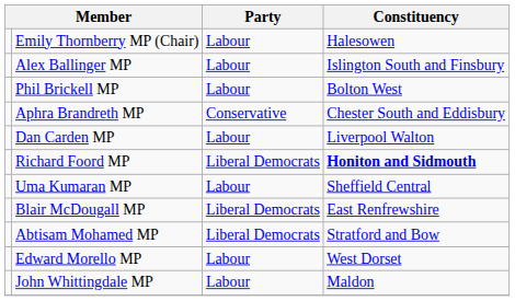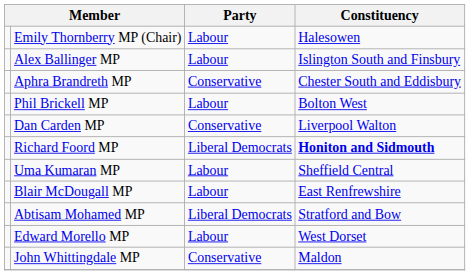 <table class="wikitable">
 <tr>
 <th colspan="2" valign="top">Member</th>
 <th valign="top">Party</th>
 <th valign="top">Constituency</th>
 </tr>
 <tr>
 <td style="color:inherit;background:"></td>
 <td><a href='#'>Emily Thornberry</a> MP (Chair)</td>
 <td><a href='#'>Labour</a></td>
 <td><a href='#'>Halesowen</a></td>
 </tr>
 <tr>
 <td style="color:inherit;background:"></td>
 <td><a href='#'>Alex Ballinger</a> MP</td>
 <td><a href='#'>Labour</a></td>
 <td><a href='#'>Islington South and Finsbury</a></td>
 </tr>
 <tr>
 <td style="color:inherit;background:"></td>
+<td><a href='#'>Aphra Brandreth</a> MP</td>
+<td><a href='#'>Conservative</a></td>
+<td><a href='#'>Chester South and Eddisbury</a></td>
+</tr>
+<tr>
+<td style="color:inherit;background:"></td>
 <td><a href='#'>Phil Brickell</a> MP</td>
 <td><a href='#'>Labour</a></td>
 <td><a href='#'>Bolton West</a></td>
 </tr>
 <tr>
 <td style="color:inherit;background:"></td>
-<td><a href='#'>Aphra Brandreth</a> MP</td>
+<td><a href='#'>Dan Carden</a> MP</td>
 <td><a href='#'>Conservative</a></td>
-<td><a href='#'>Chester South and Eddisbury</a></td>
-</tr>
-<tr>
-<td style="color:inherit;background:"></td>
-<td><a href='#'>Dan Carden</a> MP</td>
-<td><a href='#'>Labour</a></td>
 <td><a href='#'>Liverpool Walton</a></td>
 </tr>
 <tr>
 <td></td>
 <td><a href='#'>Richard Foord</a> MP</td>
 <td><a href='#'>Liberal Democrats</a></td>
 <td><strong><a href='#'>Honiton and Sidmouth</a></strong></td>
 </tr>
 <tr>
 <td style="color:inherit;background:"></td>
 <td><a href='#'>Uma Kumaran</a> MP</td>
 <td><a href='#'>Labour</a></td>
 <td><a href='#'>Sheffield Central</a></td>
 </tr>
 <tr>
 <td style="color:inherit;background:"></td>
 <td><a href='#'>Blair McDougall</a> MP</td>
-<td><a href='#'>Liberal Democrats</a></td>
+<td><a href='#'>Labour</a></td>
 <td><a href='#'>East Renfrewshire</a></td>
 </tr>
 <tr>
 <td style="color:inherit;background:"></td>
 <td><a href='#'>Abtisam Mohamed</a> MP</td>
 <td><a href='#'>Liberal Democrats</a></td>
 <td><a href='#'>Stratford and Bow</a></td>
 </tr>
 <tr>
 <td></td>
 <td><a href='#'>Edward Morello</a> MP</td>
 <td><a href='#'>Labour</a></td>
 <td><a href='#'>West Dorset</a></td>
 </tr>
 <tr>
 <td style="color:inherit;background:"></td>
 <td><a href='#'>John Whittingdale</a> MP</td>
-<td><a href='#'>Labour</a></td>
+<td><a href='#'>Conservative</a></td>
 <td><a href='#'>Maldon</a></td>
 </tr>
 <tr>
 </tr>
 </table>
